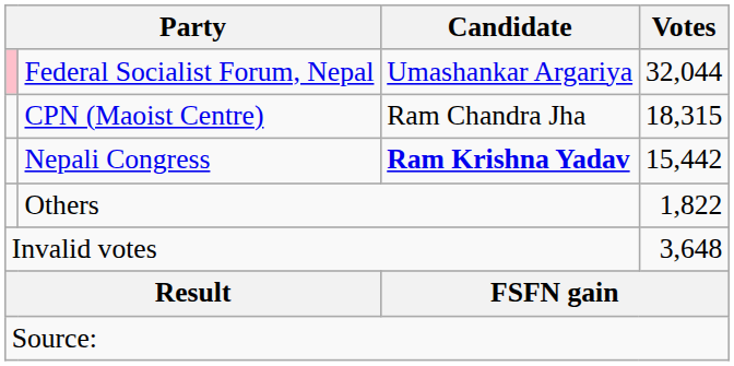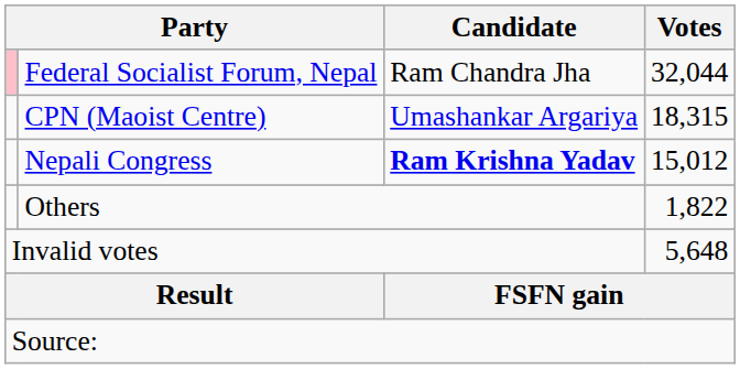 <table class="wikitable">
 <tr>
 <th colspan="2">Party</th>
 <th>Candidate</th>
 <th>Votes</th>
 </tr>
 <tr>
 <td style="background-color:#ffc0cb"></td>
 <td><a href='#'>Federal Socialist Forum, Nepal</a></td>
-<td><a href='#'>Umashankar Argariya</a></td>
+<td>Ram Chandra Jha</td>
 <td style="text-align:right">32,044</td>
 </tr>
 <tr>
 <td style="background-color:"></td>
 <td><a href='#'>CPN (Maoist Centre)</a></td>
-<td>Ram Chandra Jha</td>
+<td><a href='#'>Umashankar Argariya</a></td>
 <td style="text-align:right">18,315</td>
 </tr>
 <tr>
 <td style="background-color:"></td>
 <td><a href='#'>Nepali Congress</a></td>
 <td><strong><a href='#'>Ram Krishna Yadav</a></strong></td>
-<td style="text-align:right">15,442</td>
+<td style="text-align:right">15,012</td>
 </tr>
 <tr>
 <td></td>
 <td colspan="2">Others</td>
 <td style="text-align:right">1,822</td>
 </tr>
 <tr>
 <td colspan="3">Invalid votes</td>
-<td style="text-align:right">3,648</td>
+<td style="text-align:right">5,648</td>
 </tr>
 <tr>
 <th colspan="2">Result</th>
 <th colspan="2">FSFN gain</th>
 </tr>
 <tr>
 <td colspan="4">Source: </td>
 </tr>
 </table>
